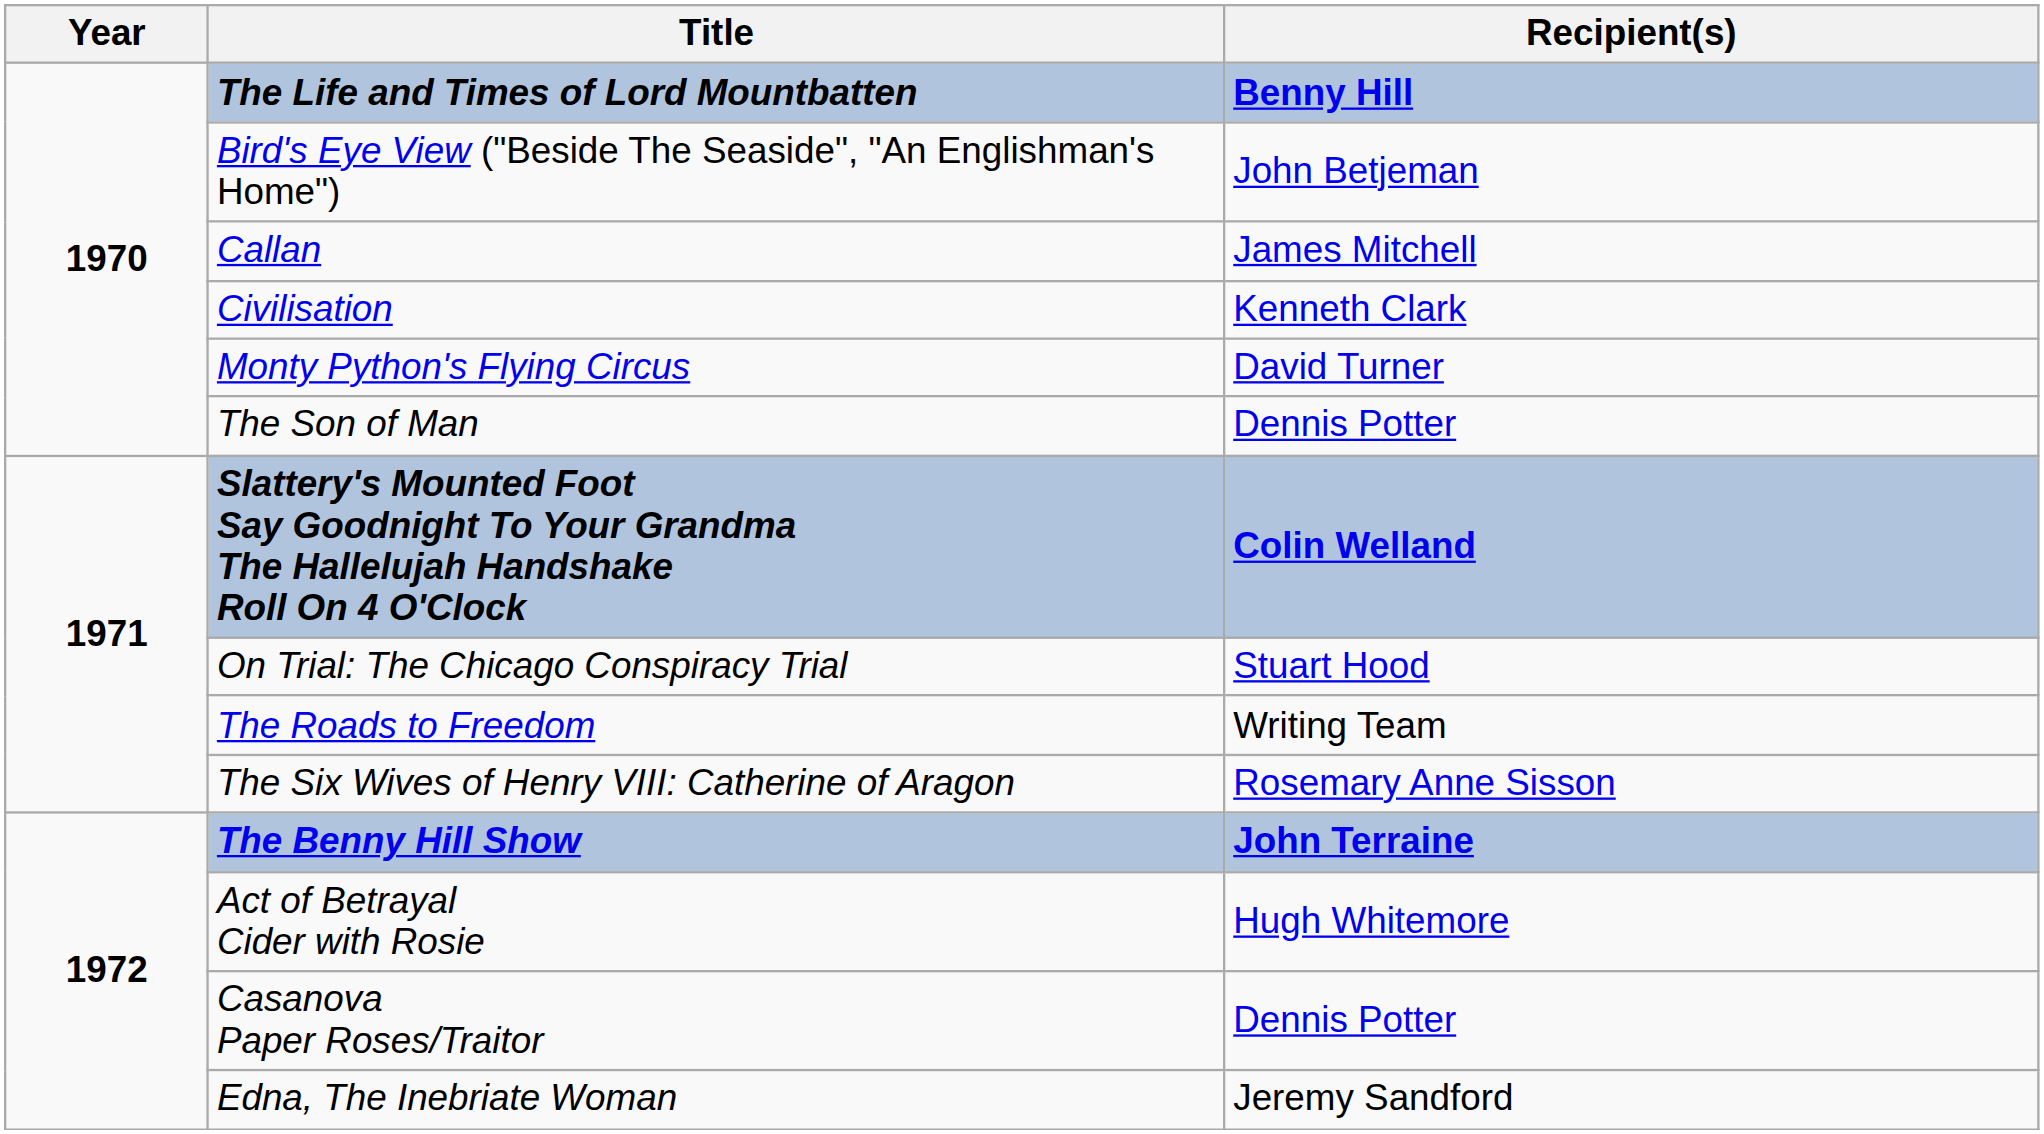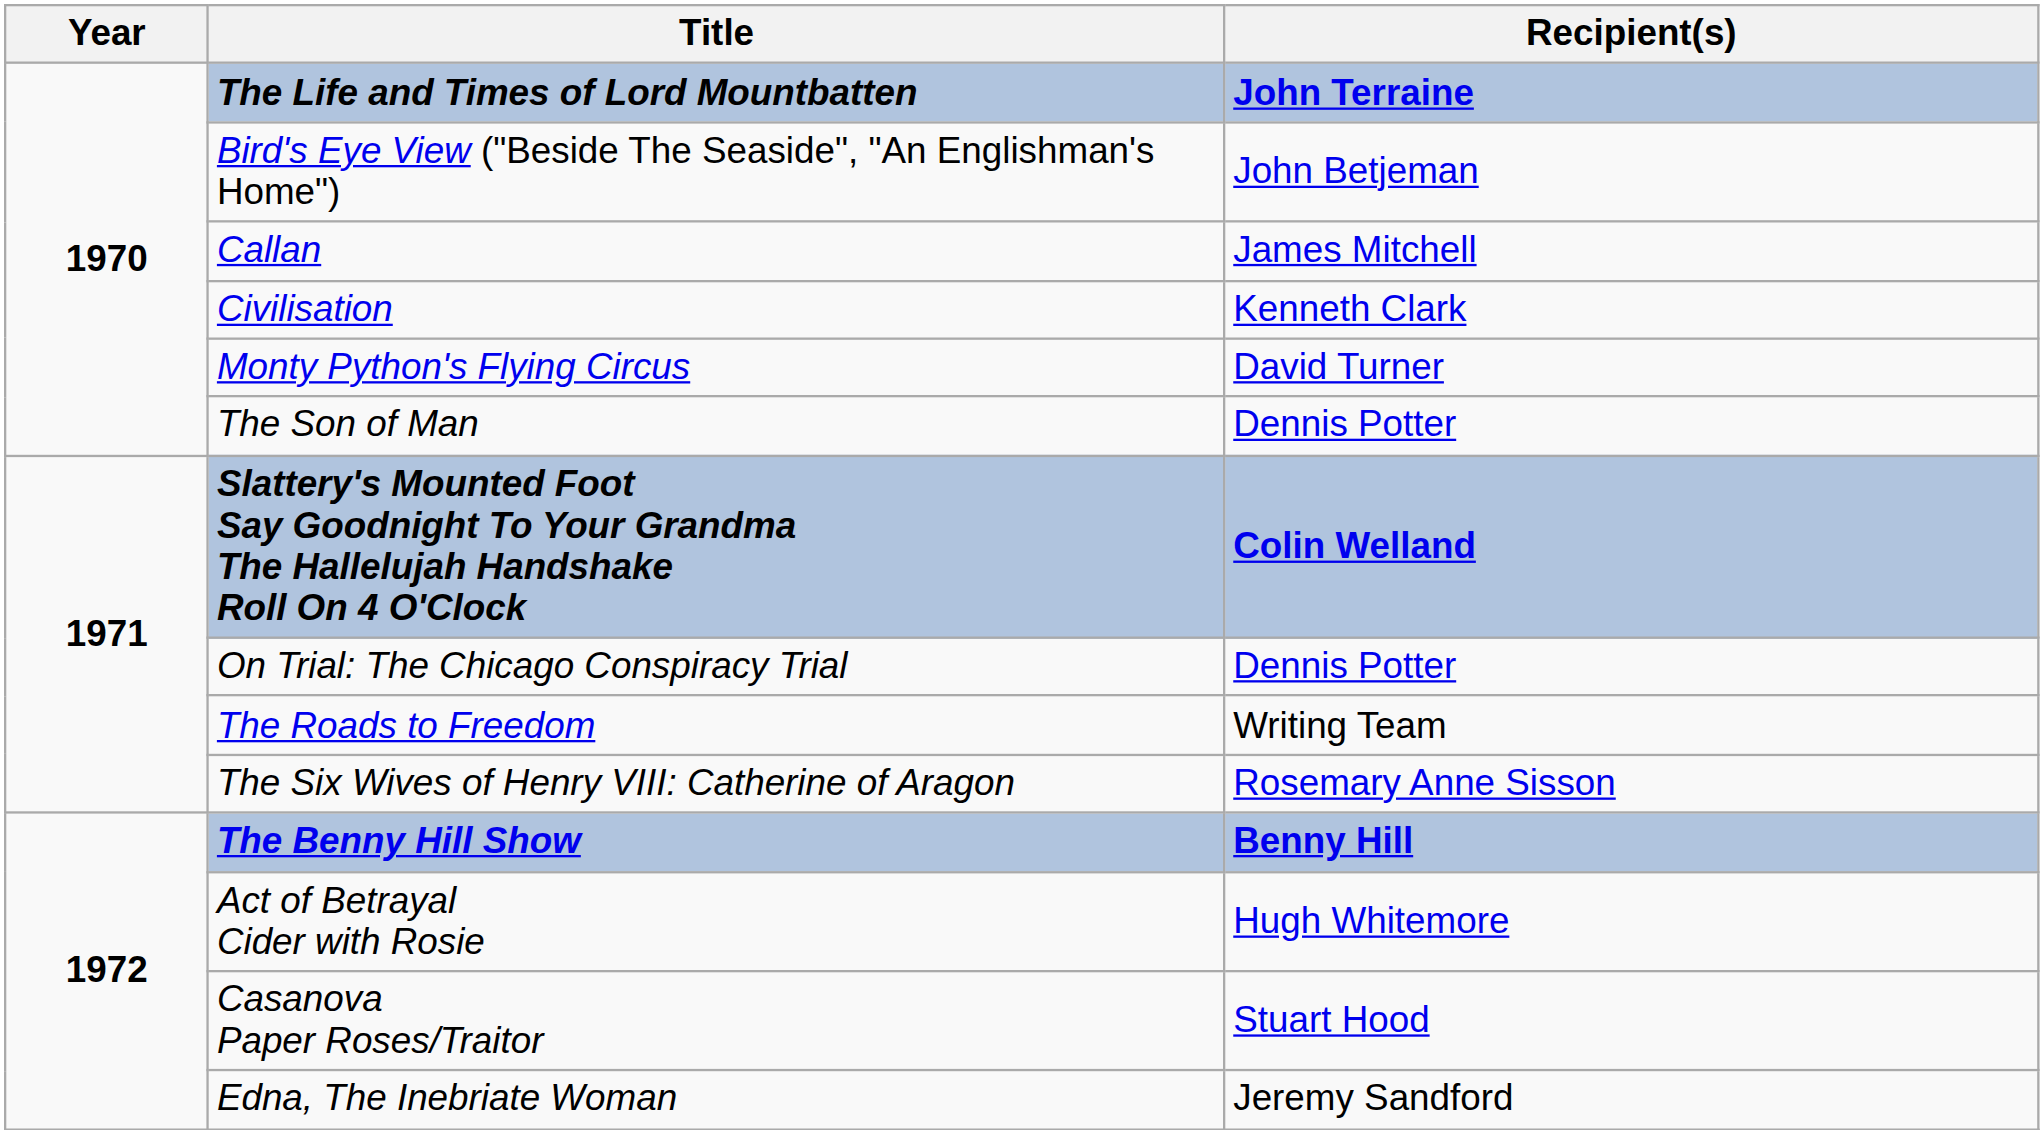 <table class="wikitable" width="70%">
 <tr>
 <th width=5%>Year</th>
 <th width=25%><strong>Title</strong></th>
 <th width=20%><strong>Recipient(s)</strong></th>
 </tr>
 <tr>
 <td rowspan="6" style="text-align:center;"><strong>1970</strong></td>
 <td style="background:#B0C4DE;"><strong><em>The Life and Times of Lord Mountbatten</em></strong></td>
-<td style="background:#B0C4DE;"><strong><a href='#'>Benny Hill</a></strong></td>
+<td style="background:#B0C4DE;"><strong><a href='#'>John Terraine</a></strong></td>
 </tr>
 <tr>
 <td><em><a href='#'>Bird's Eye View</a></em> ("Beside The Seaside", "An Englishman's Home")</td>
 <td><a href='#'>John Betjeman</a></td>
 </tr>
 <tr>
 <td><em><a href='#'>Callan</a></em></td>
 <td><a href='#'>James Mitchell</a></td>
 </tr>
 <tr>
 <td><em><a href='#'>Civilisation</a></em></td>
 <td><a href='#'>Kenneth Clark</a></td>
 </tr>
 <tr>
 <td><em><a href='#'>Monty Python's Flying Circus</a></em></td>
 <td><a href='#'>David Turner</a></td>
 </tr>
 <tr>
 <td><em>The Son of Man</em></td>
 <td><a href='#'>Dennis Potter</a></td>
 </tr>
 <tr>
 <td rowspan="4" style="text-align:center;"><strong>1971</strong></td>
 <td style="background:#B0C4DE;"><strong><em>Slattery's Mounted Foot<br>Say Goodnight To Your Grandma<br>The Hallelujah Handshake<br>Roll On 4 O'Clock</em></strong></td>
 <td style="background:#B0C4DE;"><strong><a href='#'>Colin Welland</a></strong></td>
 </tr>
 <tr>
 <td><em>On Trial: The Chicago Conspiracy Trial</em></td>
-<td><a href='#'>Stuart Hood</a></td>
+<td><a href='#'>Dennis Potter</a></td>
 </tr>
 <tr>
 <td><em><a href='#'>The Roads to Freedom</a></em></td>
 <td>Writing Team</td>
 </tr>
 <tr>
 <td><em>The Six Wives of Henry VIII: Catherine of Aragon</em></td>
 <td><a href='#'>Rosemary Anne Sisson</a></td>
 </tr>
 <tr>
 <td rowspan="4" style="text-align:center;"><strong>1972</strong></td>
 <td style="background:#B0C4DE;"><strong><em><a href='#'>The Benny Hill Show</a></em></strong></td>
-<td style="background:#B0C4DE;"><strong><a href='#'>John Terraine</a></strong></td>
+<td style="background:#B0C4DE;"><strong><a href='#'>Benny Hill</a></strong></td>
 </tr>
 <tr>
 <td><em>Act of Betrayal<br>Cider with Rosie</em></td>
 <td><a href='#'>Hugh Whitemore</a></td>
 </tr>
 <tr>
 <td><em>Casanova<br>Paper Roses/Traitor</em></td>
-<td><a href='#'>Dennis Potter</a></td>
+<td><a href='#'>Stuart Hood</a></td>
 </tr>
 <tr>
 <td><em>Edna, The Inebriate Woman</em></td>
 <td>Jeremy Sandford</td>
 </tr>
 <tr>
 </tr>
 </table>
